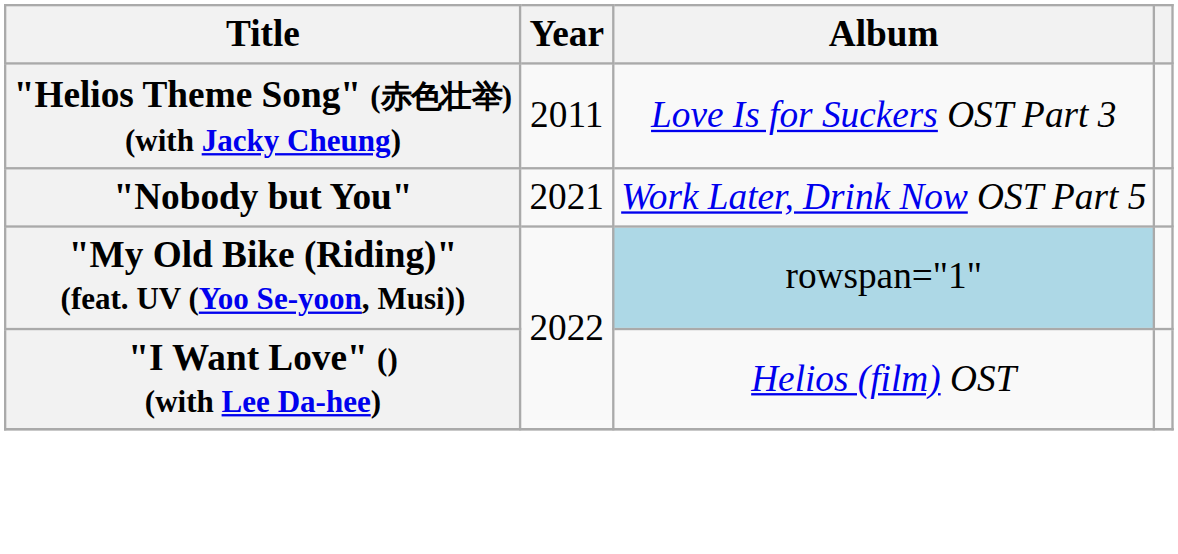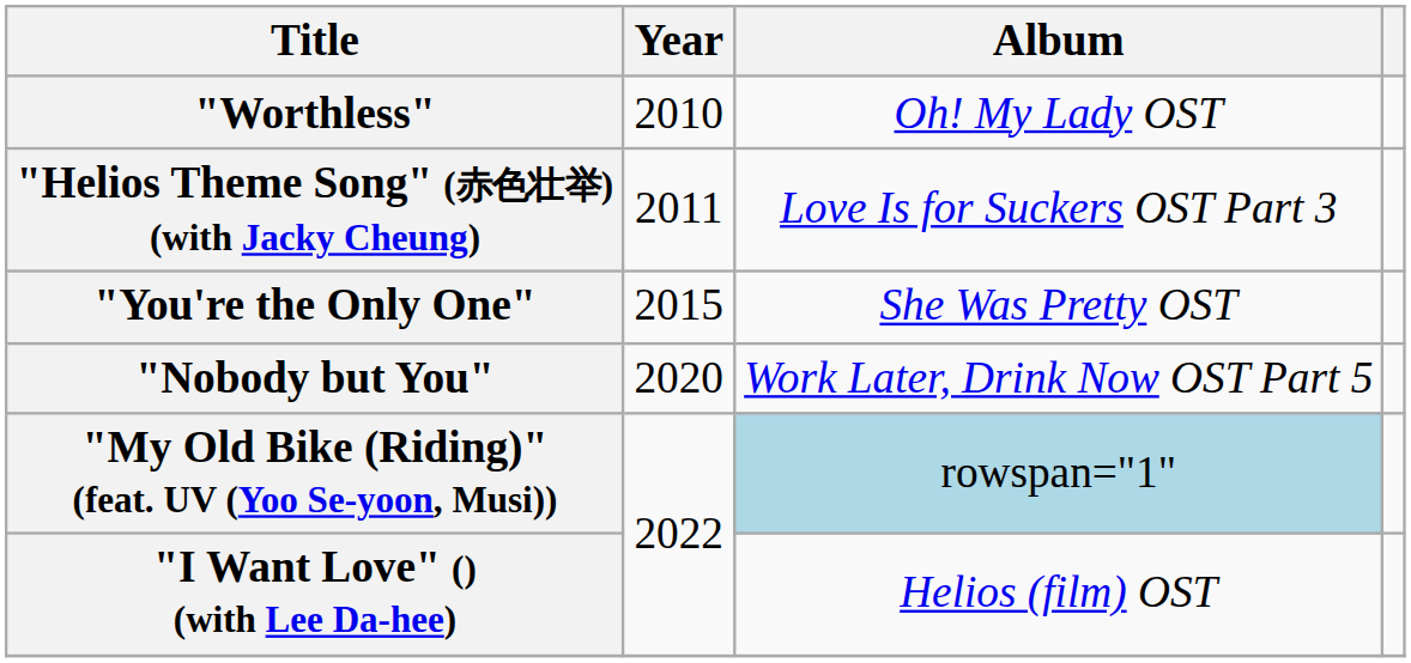 <table class="wikitable plainrowheaders" style="text-align:center;">
 <tr>
 <th>Title</th>
 <th>Year</th>
 <th>Album</th>
 <th class="unsortable"></th>
 </tr>
 <tr>
+<th scope=row>"Worthless"</th>
+<td>2010</td>
+<td><em><a href='#'>Oh! My Lady</a> OST</em></td>
+<td></td>
+</tr>
+<tr>
 <th scope=row>"Helios Theme Song" <small>(赤色壮举)</small> <br><small>(with <a href='#'>Jacky Cheung</a>)</small></th>
 <td>2011</td>
 <td><em><a href='#'>Love Is for Suckers</a> OST Part 3</em></td>
 <td></td>
 </tr>
 <tr>
+<th scope=row>"You're the Only One"</th>
+<td>2015</td>
+<td><em><a href='#'>She Was Pretty</a> OST</em></td>
+<td></td>
+</tr>
+<tr>
 <th scope=row>"Nobody but You"</th>
-<td>2021</td>
+<td>2020</td>
 <td><em><a href='#'>Work Later, Drink Now</a> OST Part 5</em></td>
 <td></td>
 </tr>
 <tr>
 <th scope=row>"My Old Bike (Riding)"<br><small>(feat. UV (<a href='#'>Yoo Se-yoon</a>, Musi))</small></th>
 <td rowspan=2>2022</td>
 <td style="background: lightblue;">rowspan="1" </td>
 <td></td>
 </tr>
 <tr>
 <th scope="row">"I Want Love" <small>()</small><br><small>(with <a href='#'>Lee Da-hee</a>)</small></th>
 <td><em><a href='#'>Helios (film)</a> OST</em></td>
 <td></td>
 </tr>
 <tr>
 </tr>
 </table>
